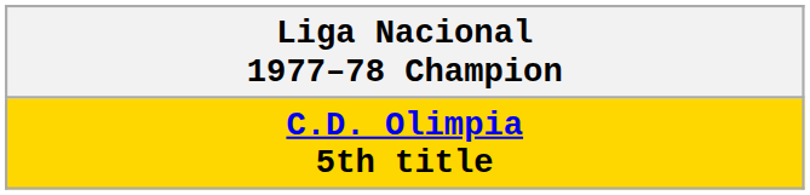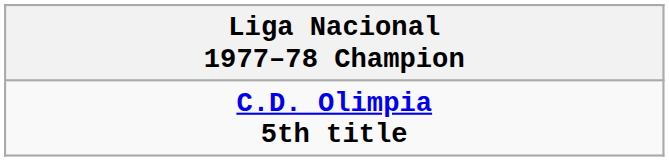 <table class="wikitable" style="text-align: center; margin: 0 auto; width: 20%">
 <tr>
 <th>Liga Nacional<br>1977–78 Champion</th>
 </tr>
 <tr>
-<td style="background: gold;"><strong><a href='#'>C.D. Olimpia</a></strong><br><strong>5th title</strong></td>
+<td><strong><a href='#'>C.D. Olimpia</a></strong><br><strong>5th title</strong></td>
 </tr>
 </table>
